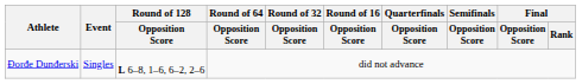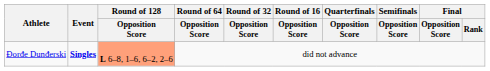 <table class=wikitable style="font-size:90%">
 <tr>
 <th rowspan=2>Athlete</th>
 <th rowspan=2>Event</th>
 <th>Round of 128</th>
 <th>Round of 64</th>
 <th>Round of 32</th>
 <th>Round of 16</th>
 <th>Quarterfinals</th>
 <th>Semifinals</th>
 <th colspan=2>Final</th>
 </tr>
 <tr style="font-size:95%">
 <th>Opposition<br>Score</th>
 <th>Opposition<br>Score</th>
 <th>Opposition<br>Score</th>
 <th>Opposition<br>Score</th>
 <th>Opposition<br>Score</th>
 <th>Opposition<br>Score</th>
 <th>Opposition<br>Score</th>
 <th>Rank</th>
 </tr>
 <tr align=center>
 <td align=left><a href='#'>Đorđe Dunđerski</a></td>
-<td align=left><a href='#'>Singles</a></td>
-<td><br> <strong>L</strong> 6–8, 1–6, 6–2, 2–6</td>
+<td align=left><strong><a href='#'>Singles</a></strong></td>
+<td style="background: lightsalmon;"><br> <strong>L</strong> 6–8, 1–6, 6–2, 2–6</td>
 <td colspan=7>did not advance</td>
 </tr>
 </table>
